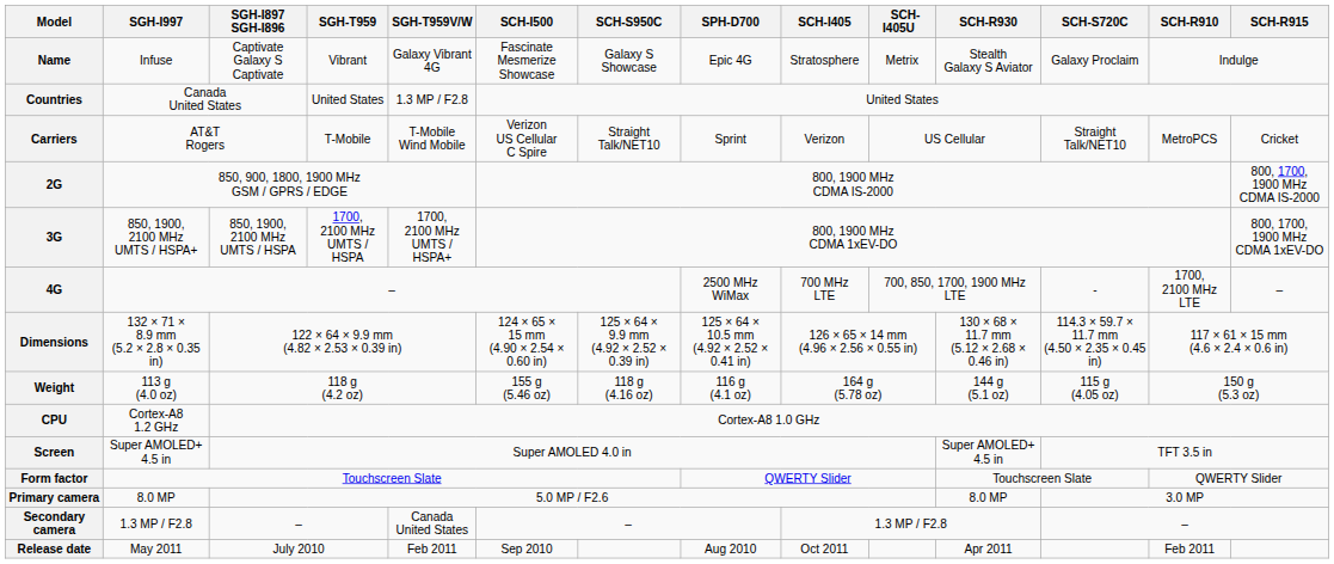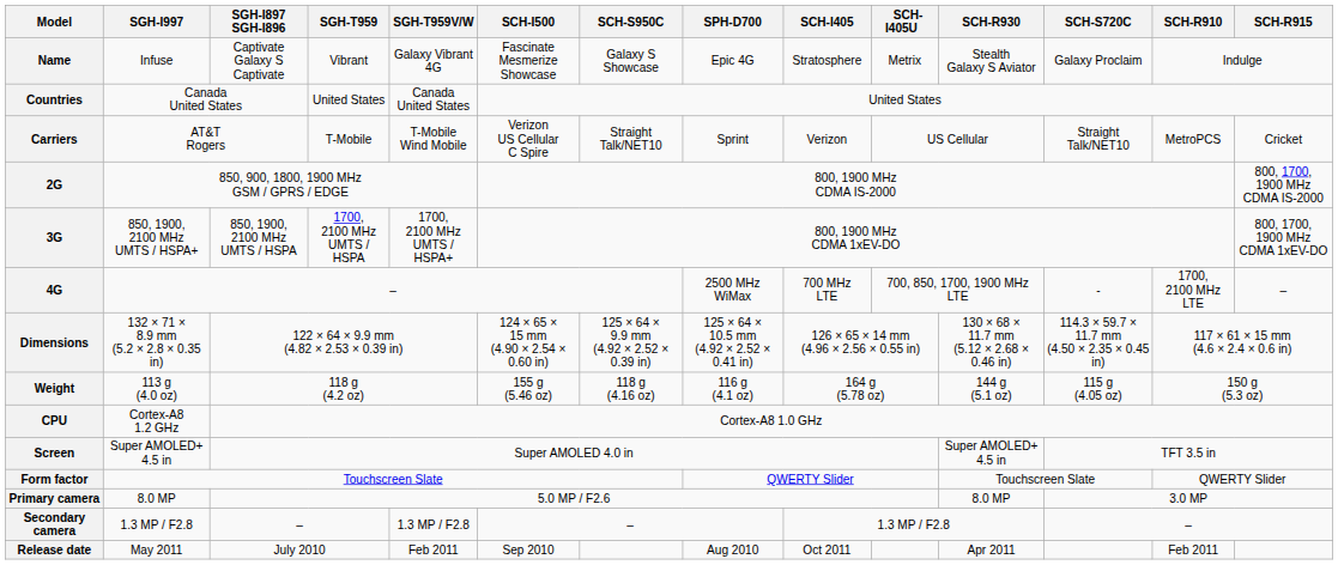 <table class="wikitable" style="text-align: center;font-size:90%; margin: 1em auto 1em auto;">
 <tr>
 <th>Model</th>
 <th>SGH-I997<br> </th>
 <th>SGH-I897<br>SGH-I896<br></th>
 <th>SGH-T959<br></th>
 <th>SGH-T959V/W<br></th>
 <th>SCH-I500<br></th>
 <th>SCH-S950C<br></th>
 <th>SPH-D700<br></th>
 <th>SCH-I405<br> </th>
 <th>  SCH-I405U  <br></th>
 <th>SCH-R930</th>
 <th>SCH-S720C<br></th>
 <th>SCH-R910<br>  </th>
 <th>SCH-R915<br></th>
 </tr>
 <tr>
 <th>Name</th>
 <td>Infuse</td>
 <td>Captivate<br>Galaxy S Captivate</td>
 <td>Vibrant</td>
 <td>Galaxy Vibrant 4G</td>
 <td>Fascinate<br>Mesmerize<br>Showcase</td>
 <td>Galaxy S Showcase</td>
 <td>Epic 4G</td>
 <td>  Stratosphere  </td>
 <td>Metrix</td>
 <td>Stealth<br>Galaxy S Aviator</td>
 <td>Galaxy Proclaim</td>
 <td colspan="2">Indulge</td>
 </tr>
 <tr>
 <th>Countries</th>
 <td colspan="2">Canada<br>United States</td>
 <td>United States</td>
-<td>1.3 MP / F2.8</td>
+<td>Canada<br>United States</td>
 <td colspan="9">United States</td>
 </tr>
 <tr>
 <th>Carriers</th>
 <td colspan="2">AT&T<br>Rogers</td>
 <td>T-Mobile</td>
 <td>T-Mobile<br>Wind Mobile</td>
 <td>Verizon<br>US Cellular<br>C Spire</td>
 <td>Straight Talk/NET10</td>
 <td>Sprint</td>
 <td>Verizon</td>
 <td colspan="2">US Cellular</td>
 <td>Straight Talk/NET10</td>
 <td>MetroPCS</td>
 <td>Cricket</td>
 </tr>
 <tr>
 <th>2G</th>
 <td colspan="4">850, 900, 1800, 1900 MHz<br>GSM / GPRS / EDGE</td>
 <td colspan="8">800, 1900 MHz<br>CDMA IS-2000</td>
 <td>800, <a href='#'>1700</a>, 1900 MHz<br>CDMA IS-2000</td>
 </tr>
 <tr>
 <th>3G</th>
 <td>850, 1900, 2100 MHz<br>UMTS / HSPA+</td>
 <td>850, 1900, 2100 MHz<br>UMTS / HSPA</td>
 <td><a href='#'>1700</a>, 2100 MHz<br>UMTS / HSPA</td>
 <td>1700, 2100 MHz<br>UMTS / HSPA+</td>
 <td colspan="8">800, 1900 MHz<br>CDMA 1xEV-DO</td>
 <td>800, 1700, 1900 MHz<br>CDMA 1xEV-DO</td>
 </tr>
 <tr>
 <th>4G</th>
 <td colspan="6">–</td>
 <td>2500 MHz<br>WiMax</td>
 <td>700 MHz<br>LTE</td>
 <td colspan="2">700, 850, 1700, 1900 MHz<br>LTE</td>
 <td>-</td>
 <td>1700, 2100 MHz<br>LTE</td>
 <td>–</td>
 </tr>
 <tr>
 <th>Dimensions</th>
 <td>132 × 71 × 8.9 mm<br>(5.2 × 2.8 × 0.35 in)</td>
 <td colspan="3">122 × 64 × 9.9 mm<br>(4.82 × 2.53 × 0.39 in)</td>
 <td>124 × 65 × 15 mm<br>(4.90 × 2.54 × 0.60 in)</td>
 <td>125 × 64 × 9.9 mm<br>(4.92 × 2.52 × 0.39 in)</td>
 <td>125 × 64 × 10.5 mm<br>(4.92 × 2.52 × 0.41 in)</td>
 <td colspan="2">126 × 65 × 14 mm<br>(4.96 × 2.56 × 0.55 in)</td>
 <td>130 × 68 × 11.7 mm<br>(5.12 × 2.68 × 0.46 in)</td>
 <td>114.3 × 59.7 × 11.7 mm<br>(4.50 × 2.35 × 0.45 in)</td>
 <td colspan="2">117 × 61 × 15 mm<br>(4.6 × 2.4 × 0.6 in)</td>
 </tr>
 <tr>
 <th>Weight</th>
 <td>113 g<br>(4.0 oz)</td>
 <td colspan="3">118 g<br>(4.2 oz)</td>
 <td>155 g<br>(5.46 oz)</td>
 <td>118 g<br>(4.16 oz)</td>
 <td>116 g<br>(4.1 oz)</td>
 <td colspan="2">164 g<br>(5.78 oz)</td>
 <td>144 g<br>(5.1 oz)</td>
 <td>115 g<br>(4.05 oz)</td>
 <td colspan="2">150 g<br>(5.3 oz)</td>
 </tr>
 <tr>
 <th>CPU</th>
 <td>Cortex-A8 1.2 GHz</td>
 <td colspan="12">Cortex-A8 1.0 GHz</td>
 </tr>
 <tr>
 <th>Screen</th>
 <td>Super AMOLED+ 4.5 in</td>
 <td colspan="8">Super AMOLED 4.0 in</td>
 <td>Super AMOLED+ 4.5 in</td>
 <td colspan="3">TFT 3.5 in</td>
 </tr>
 <tr>
 <th>Form factor</th>
 <td colspan="6"><a href='#'>Touchscreen Slate</a></td>
 <td colspan="3"><a href='#'>QWERTY Slider</a></td>
 <td colspan="2">Touchscreen Slate</td>
 <td colspan="2">QWERTY Slider</td>
 </tr>
 <tr>
 <th>Primary camera</th>
 <td>8.0 MP</td>
 <td colspan="8">5.0 MP / F2.6</td>
 <td>8.0 MP</td>
 <td colspan="3">3.0 MP</td>
 </tr>
 <tr>
 <th>Secondary camera</th>
 <td>1.3 MP / F2.8</td>
 <td colspan="2">–</td>
-<td>Canada<br>United States</td>
+<td>1.3 MP / F2.8</td>
 <td colspan="3">–</td>
 <td colspan="3">1.3 MP / F2.8</td>
 <td colspan="3">–</td>
 </tr>
 <tr>
 <th>Release date</th>
 <td>May 2011</td>
 <td colspan="2">July 2010</td>
 <td>Feb 2011</td>
 <td>Sep 2010</td>
 <td></td>
 <td>Aug 2010</td>
 <td>Oct 2011</td>
 <td></td>
 <td>Apr 2011</td>
 <td></td>
 <td>Feb 2011</td>
 </tr>
 </table>
